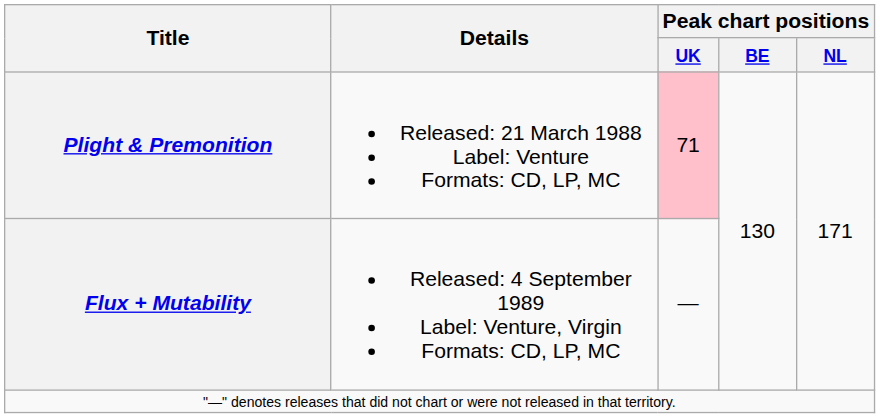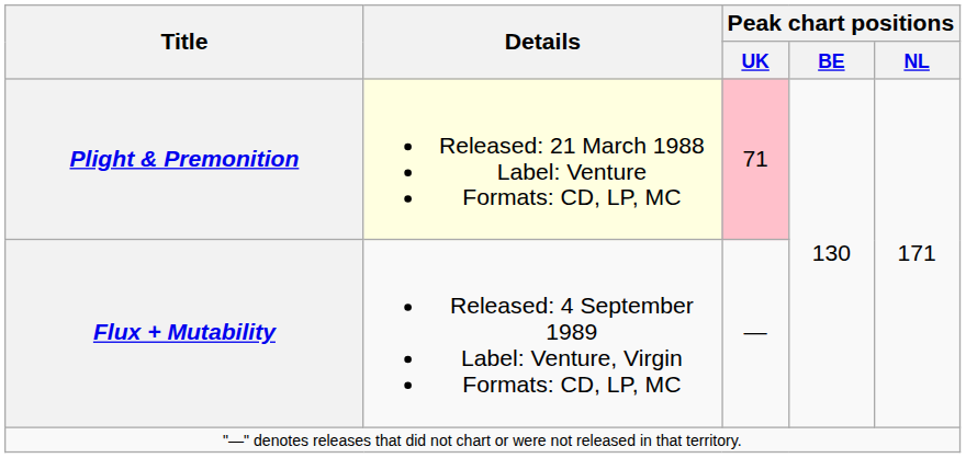 <table class="wikitable plainrowheaders" style="text-align:center;">
 <tr>
 <th scope="col" rowspan="2" style="width:15em;">Title</th>
 <th scope="col" rowspan="2" style="width:15em;">Details</th>
 <th colspan="3">Peak chart positions</th>
 </tr>
 <tr>
 <th scope="col"><small><a href='#'>UK</a></small><br></th>
 <th scope="col"><small><a href='#'>BE</a></small><br></th>
 <th scope="col"><small><a href='#'>NL</a></small><br></th>
 </tr>
 <tr>
 <th scope="row"><em><a href='#'>Plight & Premonition</a></em></th>
-<td><br><ul><li>Released: 21 March 1988</li><li>Label: Venture</li><li>Formats: CD, LP, MC</li></ul></td>
+<td style="background: lightyellow;"><br><ul><li>Released: 21 March 1988</li><li>Label: Venture</li><li>Formats: CD, LP, MC</li></ul></td>
 <td style="background: pink;">71</td>
 <td rowspan="2" style="text-align:center;">130</td>
 <td rowspan="2">171</td>
 </tr>
 <tr>
 <th scope="row"><em><a href='#'>Flux + Mutability</a></em></th>
 <td><br><ul><li>Released: 4 September 1989</li><li>Label: Venture, Virgin</li><li>Formats: CD, LP, MC</li></ul></td>
 <td>—</td>
 </tr>
 <tr>
 <td colspan="5" style="font-size:8pt">"—" denotes releases that did not chart or were not released in that territory.</td>
 </tr>
 </table>
